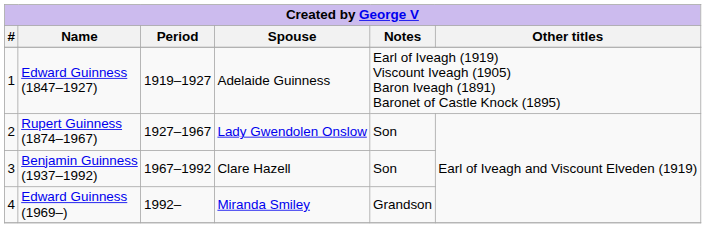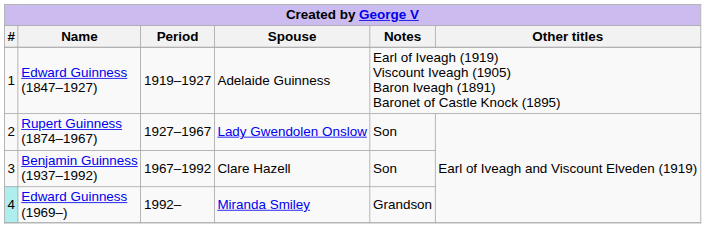 <table class="wikitable">
 <tr>
 <th colspan=6 style="background-color: #cbe">Created by <a href='#'>George V</a></th>
 </tr>
 <tr>
 <th>#</th>
 <th>Name</th>
 <th>Period</th>
 <th>Spouse</th>
 <th>Notes</th>
 <th>Other titles</th>
 </tr>
 <tr bgcolor="#dddddd" |>
 </tr>
 <tr>
 <td>1</td>
 <td><a href='#'>Edward Guinness</a><br>(1847–1927)</td>
 <td>1919–1927</td>
 <td>Adelaide Guinness</td>
 <td colspan=2>Earl of Iveagh (1919)<br>Viscount Iveagh (1905)<br>Baron Iveagh (1891)<br>Baronet of Castle Knock (1895)</td>
 </tr>
 <tr>
 <td>2</td>
 <td><a href='#'>Rupert Guinness</a><br>(1874–1967)</td>
 <td>1927–1967</td>
 <td><a href='#'>Lady Gwendolen Onslow</a></td>
 <td>Son</td>
 <td rowspan=3>Earl of Iveagh and Viscount Elveden (1919)</td>
 </tr>
 <tr>
 <td>3</td>
 <td><a href='#'>Benjamin Guinness</a><br>(1937–1992)</td>
 <td>1967–1992</td>
 <td>Clare Hazell</td>
 <td>Son</td>
 </tr>
 <tr>
-<td>4</td>
+<td style="background: paleturquoise;">4</td>
 <td><a href='#'>Edward Guinness</a><br>(1969–)</td>
 <td>1992–</td>
 <td><a href='#'>Miranda Smiley</a></td>
 <td>Grandson</td>
 </tr>
 <tr>
 </tr>
 </table>
